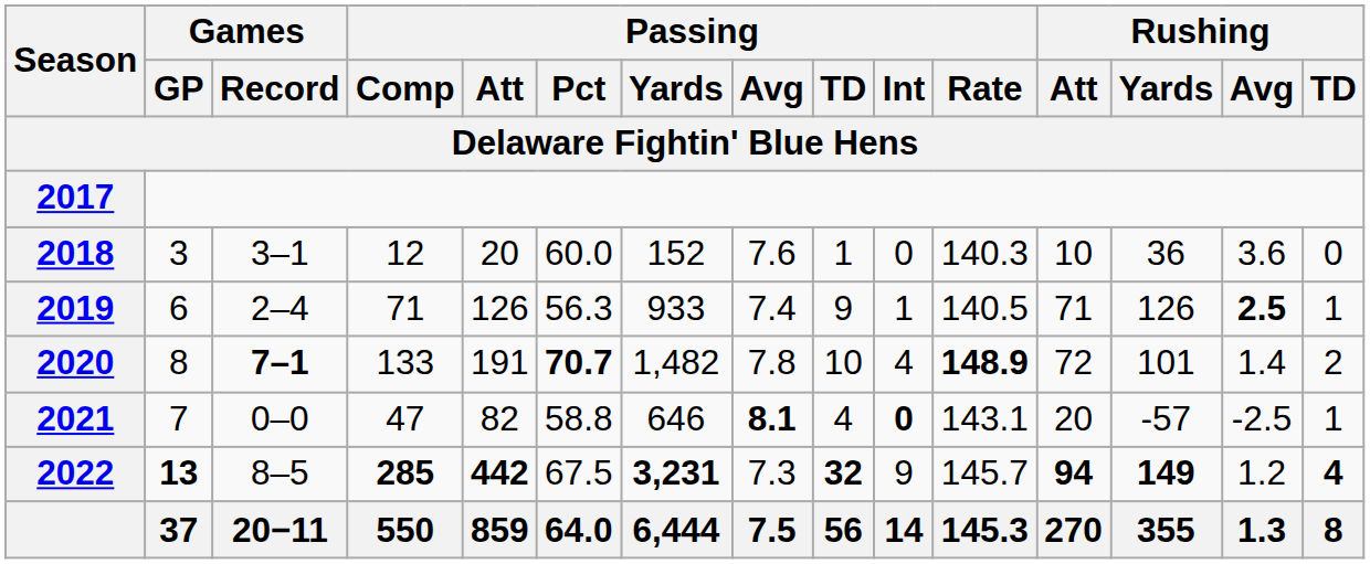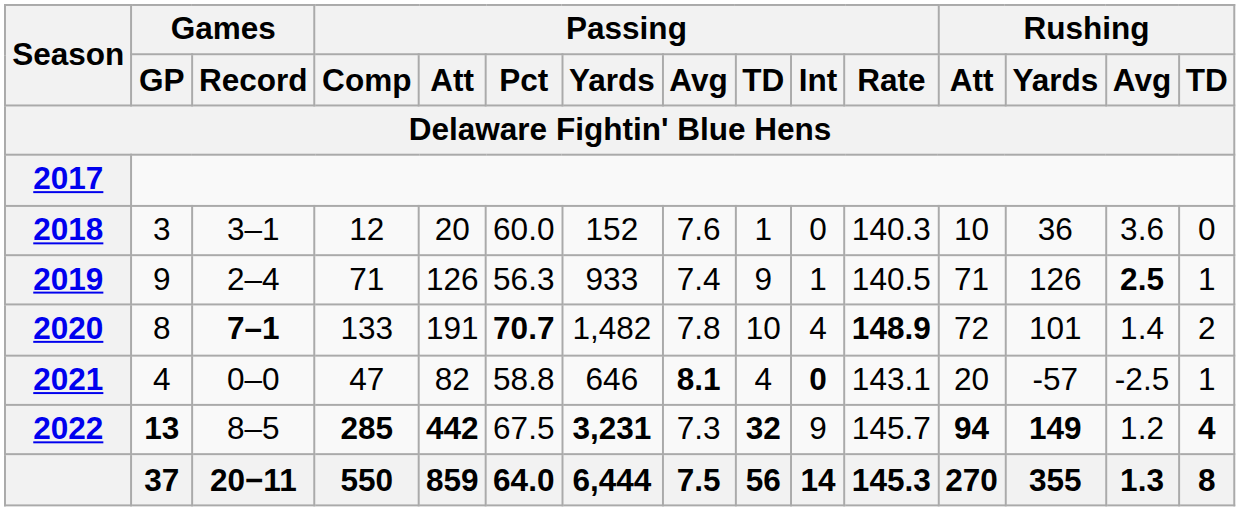 <table class="wikitable" style="text-align:center;">
 <tr>
 <th rowspan="2">Season</th>
 <th colspan="2">Games</th>
 <th colspan="8">Passing</th>
 <th colspan="4">Rushing</th>
 </tr>
 <tr>
 <th>GP</th>
 <th>Record</th>
 <th>Comp</th>
 <th>Att</th>
 <th>Pct</th>
 <th>Yards</th>
 <th>Avg</th>
 <th>TD</th>
 <th>Int</th>
 <th>Rate</th>
 <th>Att</th>
 <th>Yards</th>
 <th>Avg</th>
 <th>TD</th>
 </tr>
 <tr>
 <th colspan="16">Delaware Fightin' Blue Hens</th>
 </tr>
 <tr>
 <th><a href='#'>2017</a></th>
 <td colspan="15"></td>
 </tr>
 <tr>
 <th><a href='#'>2018</a></th>
 <td>3</td>
 <td>3–1</td>
 <td>12</td>
 <td>20</td>
 <td>60.0</td>
 <td>152</td>
 <td>7.6</td>
 <td>1</td>
 <td>0</td>
 <td>140.3</td>
 <td>10</td>
 <td>36</td>
 <td>3.6</td>
 <td>0</td>
 </tr>
 <tr>
 <th><a href='#'>2019</a></th>
-<td>6</td>
+<td>9</td>
 <td>2–4</td>
 <td>71</td>
 <td>126</td>
 <td>56.3</td>
 <td>933</td>
 <td>7.4</td>
 <td>9</td>
 <td>1</td>
 <td>140.5</td>
 <td>71</td>
 <td>126</td>
 <td><strong>2.5</strong></td>
 <td>1</td>
 </tr>
 <tr>
 <th><a href='#'>2020</a></th>
 <td>8</td>
 <td><strong>7–1</strong></td>
 <td>133</td>
 <td>191</td>
 <td><strong>70.7</strong></td>
 <td>1,482</td>
 <td>7.8</td>
 <td>10</td>
 <td>4</td>
 <td><strong>148.9</strong></td>
 <td>72</td>
 <td>101</td>
 <td>1.4</td>
 <td>2</td>
 </tr>
 <tr>
 <th><a href='#'>2021</a></th>
-<td>7</td>
+<td>4</td>
 <td>0–0</td>
 <td>47</td>
 <td>82</td>
 <td>58.8</td>
 <td>646</td>
 <td><strong>8.1</strong></td>
 <td>4</td>
 <td><strong>0</strong></td>
 <td>143.1</td>
 <td>20</td>
 <td>-57</td>
 <td>-2.5</td>
 <td>1</td>
 </tr>
 <tr>
 <th><a href='#'>2022</a></th>
 <td><strong>13</strong></td>
 <td>8–5</td>
 <td><strong>285</strong></td>
 <td><strong>442</strong></td>
 <td>67.5</td>
 <td><strong>3,231</strong></td>
 <td>7.3</td>
 <td><strong>32</strong></td>
 <td>9</td>
 <td>145.7</td>
 <td><strong>94</strong></td>
 <td><strong>149</strong></td>
 <td>1.2</td>
 <td><strong>4</strong></td>
 </tr>
 <tr>
 <th></th>
 <th>37</th>
 <th>20−11</th>
 <th>550</th>
 <th>859</th>
 <th>64.0</th>
 <th>6,444</th>
 <th>7.5</th>
 <th>56</th>
 <th>14</th>
 <th>145.3</th>
 <th>270</th>
 <th>355</th>
 <th>1.3</th>
 <th>8</th>
 </tr>
 </table>
